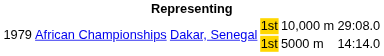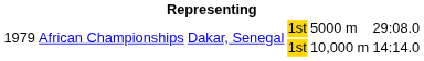 <table>
 <tr>
 <th colspan="6">Representing </th>
 </tr>
 <tr>
 <td rowspan=2>1979</td>
 <td rowspan=2><a href='#'>African Championships</a></td>
 <td rowspan=2><a href='#'>Dakar, Senegal</a></td>
 <td bgcolor=gold>1st</td>
-<td>10,000 m</td>
+<td>5000 m</td>
 <td>29:08.0</td>
 </tr>
 <tr>
 <td bgcolor=gold>1st</td>
-<td>5000 m</td>
+<td>10,000 m</td>
 <td>14:14.0</td>
 </tr>
 </table>
